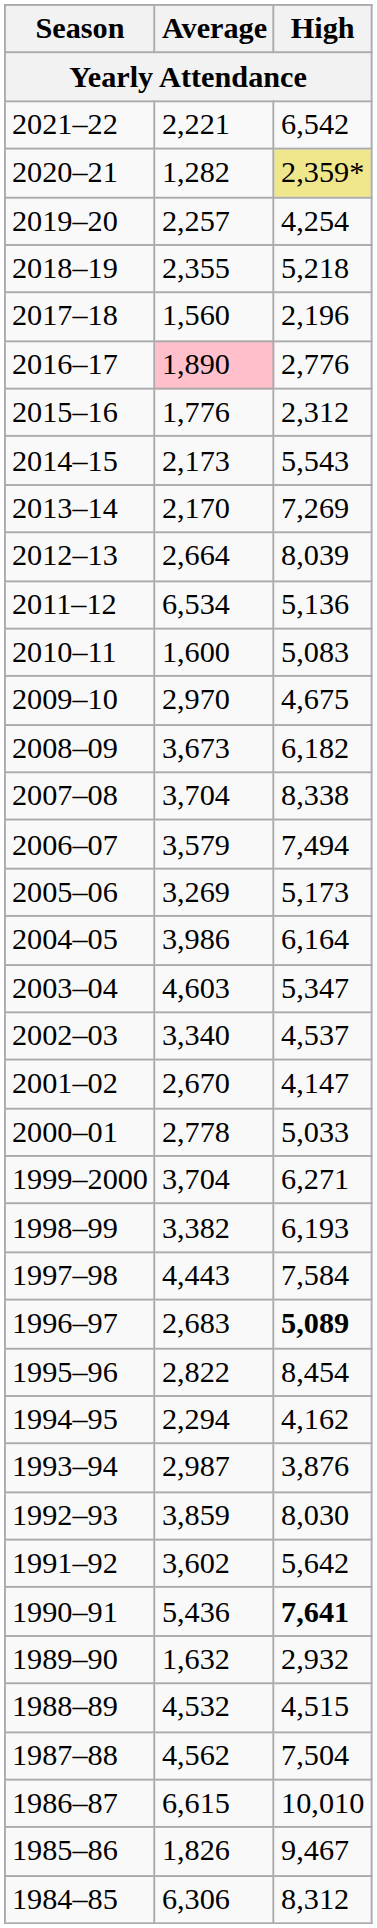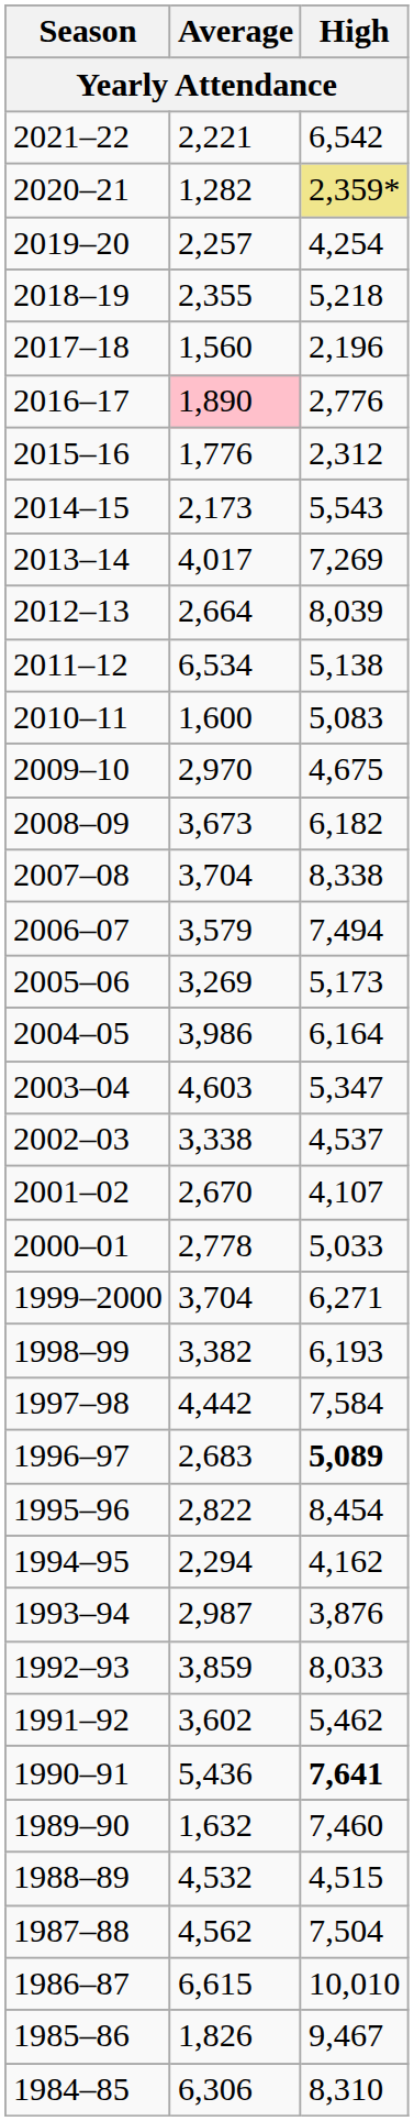 <table class="wikitable sortable">
 <tr>
 <th>Season</th>
 <th>Average</th>
 <th>High</th>
 </tr>
 <tr>
 <th colspan=3>Yearly Attendance</th>
 </tr>
 <tr>
 <td>2021–22</td>
 <td>2,221</td>
 <td>6,542</td>
 </tr>
 <tr>
 <td>2020–21</td>
 <td>1,282</td>
 <td style="background: khaki;">2,359*</td>
 </tr>
 <tr>
 <td>2019–20</td>
 <td>2,257</td>
 <td>4,254</td>
 </tr>
 <tr>
 <td>2018–19</td>
 <td>2,355</td>
 <td>5,218</td>
 </tr>
 <tr>
 <td>2017–18</td>
 <td>1,560</td>
 <td>2,196</td>
 </tr>
 <tr>
 <td>2016–17</td>
 <td style="background: pink;">1,890</td>
 <td>2,776</td>
 </tr>
 <tr>
 <td>2015–16</td>
 <td>1,776</td>
 <td>2,312</td>
 </tr>
 <tr>
 <td>2014–15</td>
 <td>2,173</td>
 <td>5,543</td>
 </tr>
 <tr>
 <td>2013–14</td>
-<td>2,170</td>
+<td>4,017</td>
 <td>7,269</td>
 </tr>
 <tr>
 <td>2012–13</td>
 <td>2,664</td>
 <td>8,039</td>
 </tr>
 <tr>
 <td>2011–12</td>
 <td>6,534</td>
-<td>5,136</td>
+<td>5,138</td>
 </tr>
 <tr>
 <td>2010–11</td>
 <td>1,600</td>
 <td>5,083</td>
 </tr>
 <tr>
 <td>2009–10</td>
 <td>2,970</td>
 <td>4,675</td>
 </tr>
 <tr>
 <td>2008–09</td>
 <td>3,673</td>
 <td>6,182</td>
 </tr>
 <tr>
 <td>2007–08</td>
 <td>3,704</td>
 <td>8,338</td>
 </tr>
 <tr>
 <td>2006–07</td>
 <td>3,579</td>
 <td>7,494</td>
 </tr>
 <tr>
 <td>2005–06</td>
 <td>3,269</td>
 <td>5,173</td>
 </tr>
 <tr>
 <td>2004–05</td>
 <td>3,986</td>
 <td>6,164</td>
 </tr>
 <tr>
 <td>2003–04</td>
 <td>4,603</td>
 <td>5,347</td>
 </tr>
 <tr>
 <td>2002–03</td>
-<td>3,340</td>
+<td>3,338</td>
 <td>4,537</td>
 </tr>
 <tr>
 <td>2001–02</td>
 <td>2,670</td>
-<td>4,147</td>
+<td>4,107</td>
 </tr>
 <tr>
 <td>2000–01</td>
 <td>2,778</td>
 <td>5,033</td>
 </tr>
 <tr>
 <td>1999–2000</td>
 <td>3,704</td>
 <td>6,271</td>
 </tr>
 <tr>
 <td>1998–99</td>
 <td>3,382</td>
 <td>6,193</td>
 </tr>
 <tr>
 <td>1997–98</td>
-<td>4,443</td>
+<td>4,442</td>
 <td>7,584</td>
 </tr>
 <tr>
 <td>1996–97</td>
 <td>2,683</td>
 <td><strong>5,089</strong></td>
 </tr>
 <tr>
 <td>1995–96</td>
 <td>2,822</td>
 <td>8,454</td>
 </tr>
 <tr>
 <td>1994–95</td>
 <td>2,294</td>
 <td>4,162</td>
 </tr>
 <tr>
 <td>1993–94</td>
 <td>2,987</td>
 <td>3,876</td>
 </tr>
 <tr>
 <td>1992–93</td>
 <td>3,859</td>
-<td>8,030</td>
+<td>8,033</td>
 </tr>
 <tr>
 <td>1991–92</td>
 <td>3,602</td>
-<td>5,642</td>
+<td>5,462</td>
 </tr>
 <tr>
 <td>1990–91</td>
 <td>5,436</td>
 <td><strong>7,641</strong></td>
 </tr>
 <tr>
 <td>1989–90</td>
 <td>1,632</td>
-<td>2,932</td>
+<td>7,460</td>
 </tr>
 <tr>
 <td>1988–89</td>
 <td>4,532</td>
 <td>4,515</td>
 </tr>
 <tr>
 <td>1987–88</td>
 <td>4,562</td>
 <td>7,504</td>
 </tr>
 <tr>
 <td>1986–87</td>
 <td>6,615</td>
 <td>10,010</td>
 </tr>
 <tr>
 <td>1985–86</td>
 <td>1,826</td>
 <td>9,467</td>
 </tr>
 <tr>
 <td>1984–85</td>
 <td>6,306</td>
-<td>8,312</td>
+<td>8,310</td>
 </tr>
 </table>
